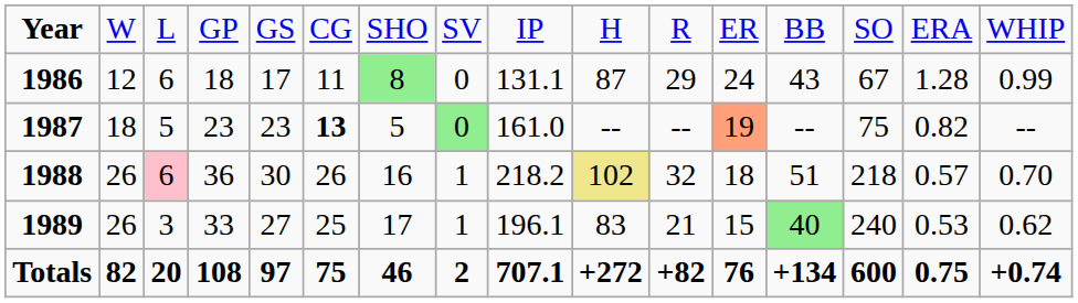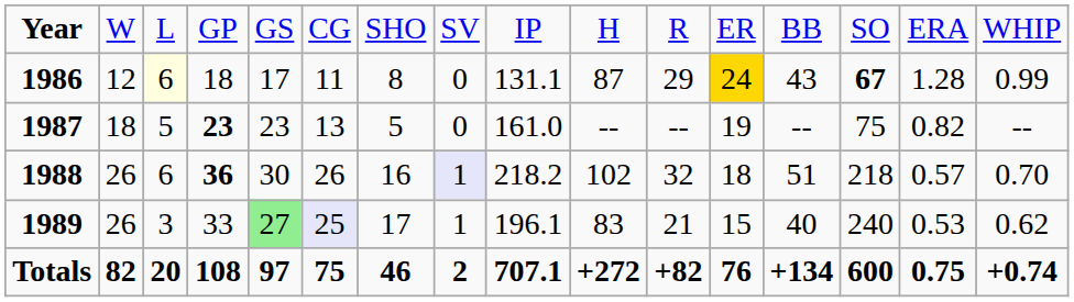 <table class="wikitable">
 <tr align=center>
 <td><strong>Year</strong></td>
 <td><a href='#'>W</a></td>
 <td><a href='#'>L</a></td>
 <td><a href='#'>GP</a></td>
 <td><a href='#'>GS</a></td>
 <td><a href='#'>CG</a></td>
 <td><a href='#'>SHO</a></td>
 <td><a href='#'>SV</a></td>
 <td><a href='#'>IP</a></td>
 <td><a href='#'>H</a></td>
 <td><a href='#'>R</a></td>
 <td><a href='#'>ER</a></td>
 <td><a href='#'>BB</a></td>
 <td><a href='#'>SO</a></td>
 <td><a href='#'>ERA</a></td>
 <td><a href='#'>WHIP</a></td>
 </tr>
 <tr align=center>
 <td><strong>1986</strong></td>
 <td>12</td>
-<td>6</td>
+<td style="background: lightyellow;">6</td>
 <td>18</td>
 <td>17</td>
 <td>11</td>
-<td style="background: lightgreen;">8</td>
+<td>8</td>
 <td>0</td>
 <td>131.1</td>
 <td>87</td>
 <td>29</td>
-<td>24</td>
+<td style="background: gold;">24</td>
 <td>43</td>
-<td>67</td>
+<td><strong>67</strong></td>
 <td>1.28</td>
 <td>0.99</td>
 </tr>
 <tr align=center>
 <td><strong>1987</strong></td>
 <td>18</td>
 <td>5</td>
+<td><strong>23</strong></td>
 <td>23</td>
-<td>23</td>
-<td><strong>13</strong></td>
+<td>13</td>
 <td>5</td>
-<td style="background: lightgreen;">0</td>
+<td>0</td>
 <td>161.0</td>
 <td>--</td>
 <td>--</td>
-<td style="background: lightsalmon;">19</td>
+<td>19</td>
 <td>--</td>
 <td>75</td>
 <td>0.82</td>
 <td>--</td>
 </tr>
 <tr align=center>
 <td><strong>1988</strong></td>
 <td>26</td>
-<td style="background: pink;">6</td>
-<td>36</td>
+<td>6</td>
+<td><strong>36</strong></td>
 <td>30</td>
 <td>26</td>
 <td>16</td>
-<td>1</td>
+<td style="background: lavender;">1</td>
 <td>218.2</td>
-<td style="background: khaki;">102</td>
+<td>102</td>
 <td>32</td>
 <td>18</td>
 <td>51</td>
 <td>218</td>
 <td>0.57</td>
 <td>0.70</td>
 </tr>
 <tr align=center>
 <td><strong>1989</strong></td>
 <td>26</td>
 <td>3</td>
 <td>33</td>
-<td>27</td>
-<td>25</td>
+<td style="background: lightgreen;">27</td>
+<td style="background: lavender;">25</td>
 <td>17</td>
 <td>1</td>
 <td>196.1</td>
 <td>83</td>
 <td>21</td>
 <td>15</td>
-<td style="background: lightgreen;">40</td>
+<td>40</td>
 <td>240</td>
 <td>0.53</td>
 <td>0.62</td>
 </tr>
 <tr align=center>
 <td><strong>Totals</strong></td>
 <td><strong>82</strong></td>
 <td><strong>20</strong></td>
 <td><strong>108</strong></td>
 <td><strong>97</strong></td>
 <td><strong>75</strong></td>
 <td><strong>46</strong></td>
 <td><strong>2</strong></td>
 <td><strong>707.1</strong></td>
 <td><strong>+272</strong></td>
 <td><strong>+82</strong></td>
 <td><strong>76</strong></td>
 <td><strong>+134</strong></td>
 <td><strong>600</strong></td>
 <td><strong>0.75</strong></td>
 <td><strong>+0.74</strong></td>
 </tr>
 </table>
